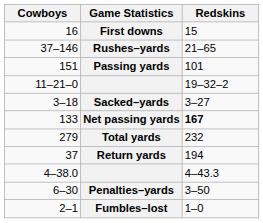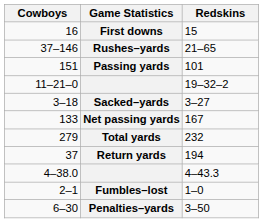 <table class="wikitable" style="margin: 1em auto 1em auto">
 <tr>
 <th style="width:30%;">Cowboys</th>
 <th style="width:40%;">Game Statistics</th>
 <th style="width:30%;">Redskins</th>
 </tr>
 <tr>
 <td style="text-align:right;">16</td>
 <th>First downs</th>
 <td>15</td>
 </tr>
 <tr>
 <td style="text-align:right;">37–146</td>
 <th>Rushes–yards</th>
 <td>21–65</td>
 </tr>
 <tr>
 <td style="text-align:right;">151</td>
 <th>Passing yards</th>
 <td>101</td>
 </tr>
 <tr>
 <td style="text-align:right;">11–21–0</td>
 <th></th>
 <td>19–32–2</td>
 </tr>
 <tr>
 <td style="text-align:right;">3–18</td>
 <th>Sacked–yards</th>
 <td>3–27</td>
 </tr>
 <tr>
 <td style="text-align:right;">133</td>
 <th>Net passing yards</th>
-<td><strong>167</strong></td>
+<td>167</td>
 </tr>
 <tr>
 <td style="text-align:right;">279</td>
 <th>Total yards</th>
 <td>232</td>
 </tr>
 <tr>
 <td style="text-align:right;">37</td>
 <th>Return yards</th>
 <td>194</td>
 </tr>
 <tr>
 <td style="text-align:right;">4–38.0</td>
 <th></th>
 <td>4–43.3</td>
 </tr>
 <tr>
+<td style="text-align:right;">2–1</td>
+<th>Fumbles–lost</th>
+<td>1–0</td>
+</tr>
+<tr>
 <td style="text-align:right;">6–30</td>
 <th>Penalties–yards</th>
 <td>3–50</td>
 </tr>
-<tr>
-<td style="text-align:right;">2–1</td>
-<th>Fumbles–lost</th>
-<td>1–0</td>
-</tr>
 </table>
